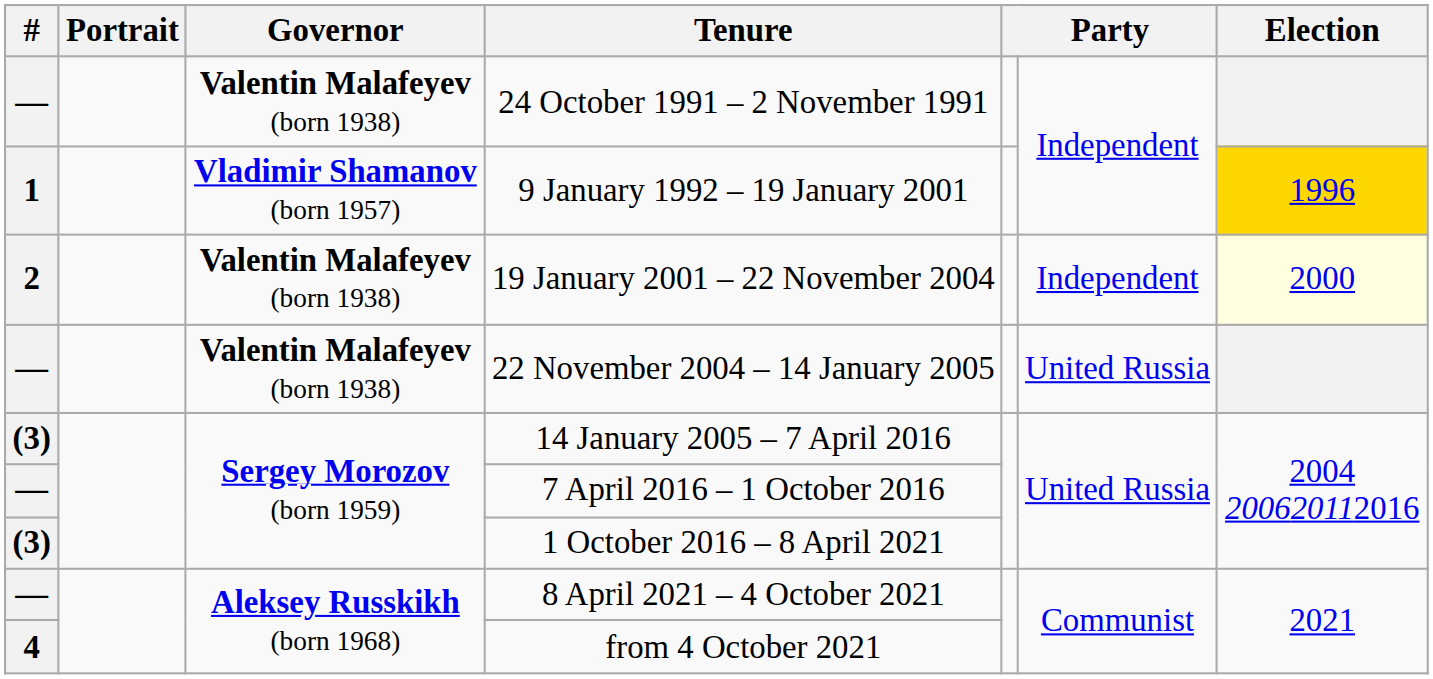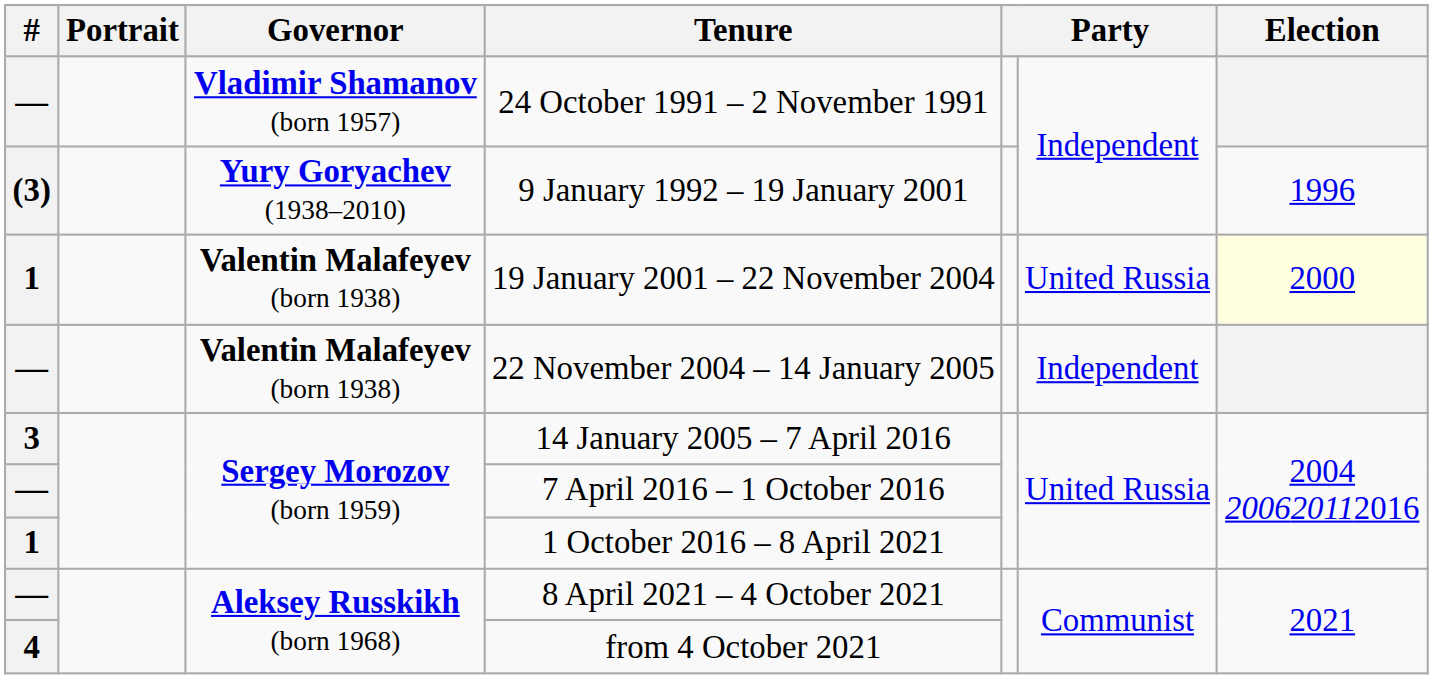 <table class="wikitable" style="text-align:center">
 <tr style="background:#cccccc" bgcolor=#E6E6AA>
 <th>#</th>
 <th>Portrait</th>
 <th>Governor</th>
 <th>Tenure</th>
 <th colspan="2">Party</th>
 <th>Election</th>
 </tr>
 <tr>
 <th>—</th>
 <td></td>
-<td><strong>Valentin Malafeyev</strong><br><small>(born 1938)</small></td>
+<td><strong><a href='#'>Vladimir Shamanov</a></strong><br><small>(born 1957)</small></td>
 <td>24 October 1991 – 2 November 1991</td>
 <td style="background: "></td>
 <td rowspan=2><a href='#'>Independent</a></td>
 <th></th>
 </tr>
 <tr>
-<th>1</th>
+<th>(3)</th>
 <td></td>
-<td><strong><a href='#'>Vladimir Shamanov</a></strong><br><small>(born 1957)</small></td>
+<td><strong><a href='#'>Yury Goryachev</a></strong><br><small>(1938–2010)</small></td>
 <td>9 January 1992 – 19 January 2001</td>
 <td style="background: "></td>
-<td style="background: gold;"><a href='#'>1996</a></td>
+<td><a href='#'>1996</a></td>
 </tr>
 <tr>
-<th>2</th>
+<th>1</th>
 <td></td>
 <td><strong>Valentin Malafeyev</strong><br><small>(born 1938)</small></td>
 <td>19 January 2001 – 22 November 2004</td>
 <td style="background: "></td>
-<td><a href='#'>Independent</a></td>
+<td><a href='#'>United Russia</a></td>
 <td style="background: lightyellow;"><a href='#'>2000</a></td>
 </tr>
 <tr>
 <th>—</th>
 <td></td>
 <td><strong>Valentin Malafeyev</strong><br><small>(born 1938)</small></td>
 <td>22 November 2004 – 14 January 2005</td>
 <td style="background: "></td>
-<td><a href='#'>United Russia</a></td>
+<td><a href='#'>Independent</a></td>
 <th></th>
 </tr>
 <tr>
-<th>(3)</th>
+<th>3</th>
 <td rowspan=3></td>
 <td rowspan=3><strong><a href='#'>Sergey Morozov</a></strong><br><small>(born 1959)</small></td>
 <td>14 January 2005 – 7 April 2016</td>
 <td rowspan=3; style="background: "></td>
 <td rowspan=3><a href='#'>United Russia</a></td>
 <td rowspan=3><a href='#'>2004</a><br><em><a href='#'>2006</a></em><em><a href='#'>2011</a></em><a href='#'>2016</a></td>
 </tr>
 <tr>
 <th>—</th>
 <td>7 April 2016 – 1 October 2016</td>
 </tr>
 <tr>
-<th>(3)</th>
+<th>1</th>
 <td>1 October 2016 – 8 April 2021</td>
 </tr>
 <tr>
 <th>—</th>
 <td rowspan=2></td>
 <td rowspan=2><strong><a href='#'>Aleksey Russkikh</a></strong><br><small>(born 1968)</small></td>
 <td>8 April 2021 – 4 October 2021</td>
 <td rowspan=2; style="background: "></td>
 <td rowspan=2><a href='#'>Communist</a></td>
 <td rowspan=2><a href='#'>2021</a></td>
 </tr>
 <tr>
 <th>4</th>
 <td>from 4 October 2021</td>
 </tr>
 </table>
